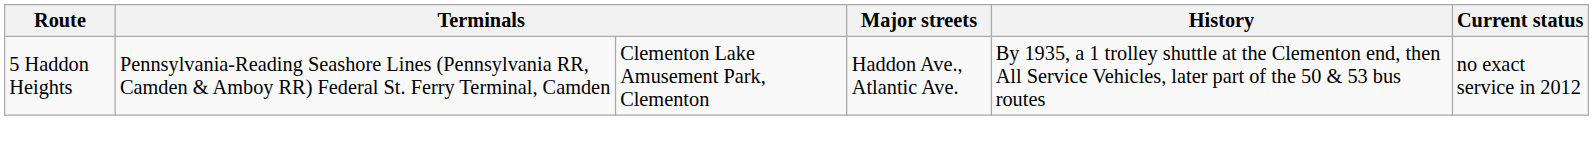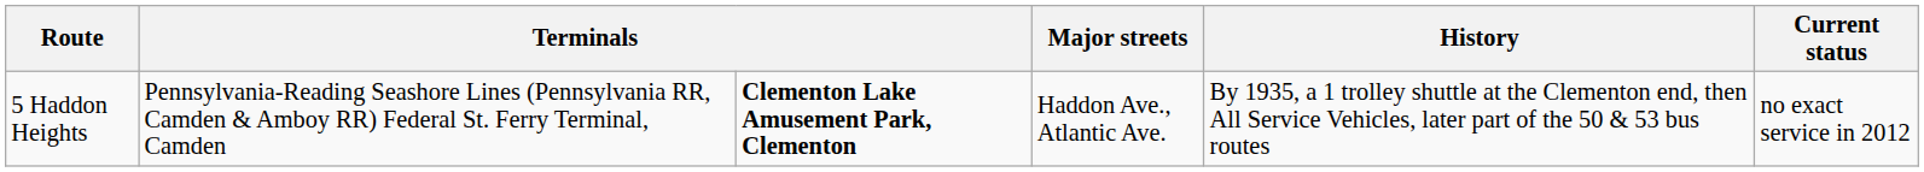 <table class=wikitable>
 <tr>
 <th>Route</th>
 <th colspan=2>Terminals</th>
 <th>Major streets</th>
 <th>History</th>
 <th>Current status</th>
 </tr>
 <tr>
 <td>5 Haddon Heights</td>
 <td>Pennsylvania-Reading Seashore Lines (Pennsylvania RR, Camden & Amboy RR) Federal St. Ferry Terminal, Camden</td>
-<td>Clementon Lake Amusement Park, Clementon</td>
+<td><strong>Clementon Lake Amusement Park, Clementon</strong></td>
 <td>Haddon Ave., Atlantic Ave.</td>
 <td>By 1935, a 1 trolley shuttle at the Clementon end, then All Service Vehicles, later part of the 50 & 53 bus routes</td>
 <td>no exact service in 2012</td>
 </tr>
 </table>
